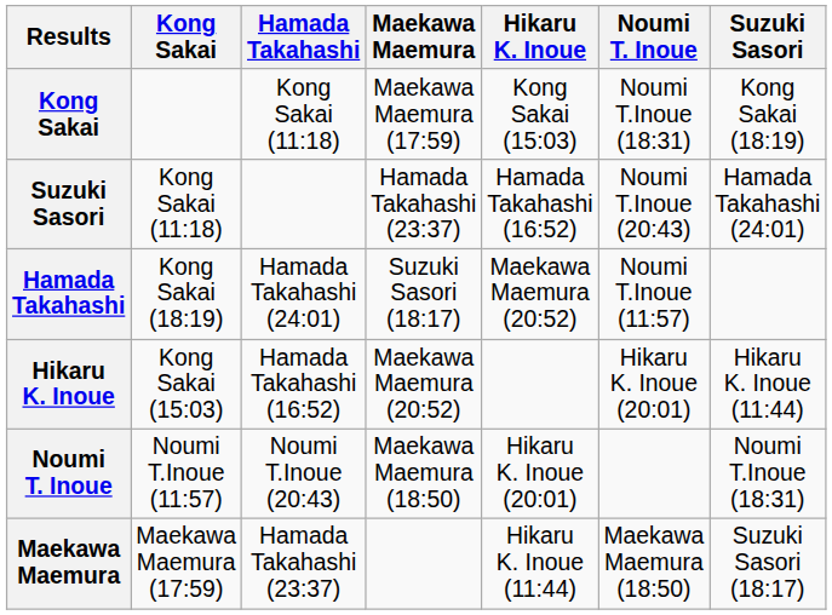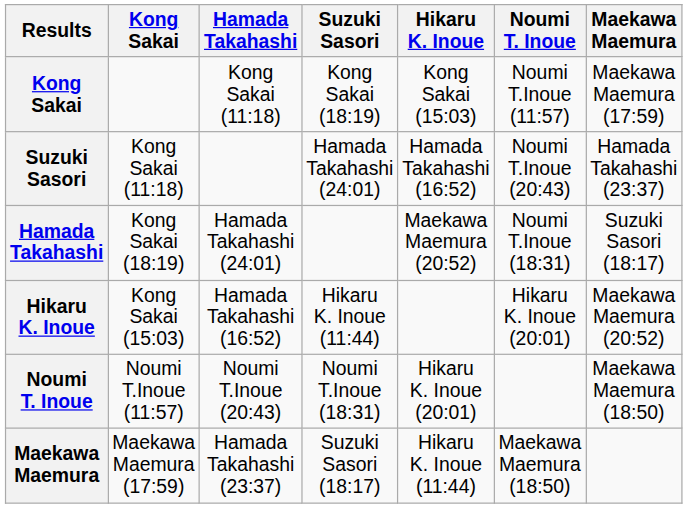 <table class="wikitable" style="text-align:center; margin: 1em auto 1em auto">
 <tr>
 <th>Results</th>
 <th><a href='#'>Kong</a><br>Sakai</th>
 <th><a href='#'>Hamada</a><br><a href='#'>Takahashi</a></th>
-<th>Maekawa<br>Maemura</th>
+<th>Suzuki<br>Sasori</th>
 <th>Hikaru<br><a href='#'>K. Inoue</a></th>
 <th>Noumi<br><a href='#'>T. Inoue</a></th>
-<th>Suzuki<br>Sasori</th>
+<th>Maekawa<br>Maemura</th>
 </tr>
 <tr>
 <th><a href='#'>Kong</a><br>Sakai</th>
 <td></td>
 <td>Kong<br>Sakai<br>(11:18)</td>
+<td>Kong<br>Sakai<br>(18:19)</td>
+<td>Kong<br>Sakai<br>(15:03)</td>
+<td>Noumi<br>T.Inoue<br>(11:57)</td>
 <td>Maekawa<br>Maemura<br>(17:59)</td>
-<td>Kong<br>Sakai<br>(15:03)</td>
-<td>Noumi<br>T.Inoue<br>(18:31)</td>
-<td>Kong<br>Sakai<br>(18:19)</td>
 </tr>
 <tr>
 <th>Suzuki<br>Sasori</th>
 <td>Kong<br>Sakai<br>(11:18)</td>
 <td></td>
-<td>Hamada<br>Takahashi<br>(23:37)</td>
+<td>Hamada<br>Takahashi<br>(24:01)</td>
 <td>Hamada<br>Takahashi<br>(16:52)</td>
 <td>Noumi<br>T.Inoue<br>(20:43)</td>
-<td>Hamada<br>Takahashi<br>(24:01)</td>
+<td>Hamada<br>Takahashi<br>(23:37)</td>
 </tr>
 <tr>
 <th><a href='#'>Hamada</a><br><a href='#'>Takahashi</a></th>
 <td>Kong<br>Sakai<br>(18:19)</td>
 <td>Hamada<br>Takahashi<br>(24:01)</td>
+<td></td>
+<td>Maekawa<br>Maemura<br>(20:52)</td>
+<td>Noumi<br>T.Inoue<br>(18:31)</td>
 <td>Suzuki<br>Sasori<br>(18:17)</td>
-<td>Maekawa<br>Maemura<br>(20:52)</td>
-<td>Noumi<br>T.Inoue<br>(11:57)</td>
-<td></td>
 </tr>
 <tr>
 <th>Hikaru<br><a href='#'>K. Inoue</a></th>
 <td>Kong<br>Sakai<br>(15:03)</td>
 <td>Hamada<br>Takahashi<br>(16:52)</td>
-<td>Maekawa<br>Maemura<br>(20:52)</td>
+<td>Hikaru<br>K. Inoue<br>(11:44)</td>
 <td></td>
 <td>Hikaru<br>K. Inoue<br>(20:01)</td>
-<td>Hikaru<br>K. Inoue<br>(11:44)</td>
+<td>Maekawa<br>Maemura<br>(20:52)</td>
 </tr>
 <tr>
 <th>Noumi<br><a href='#'>T. Inoue</a></th>
 <td>Noumi<br>T.Inoue<br>(11:57)</td>
 <td>Noumi<br>T.Inoue<br>(20:43)</td>
-<td>Maekawa<br>Maemura<br>(18:50)</td>
+<td>Noumi<br>T.Inoue<br>(18:31)</td>
 <td>Hikaru<br>K. Inoue<br>(20:01)</td>
 <td></td>
-<td>Noumi<br>T.Inoue<br>(18:31)</td>
+<td>Maekawa<br>Maemura<br>(18:50)</td>
 </tr>
 <tr>
 <th>Maekawa<br>Maemura</th>
 <td>Maekawa<br>Maemura<br>(17:59)</td>
 <td>Hamada<br>Takahashi<br>(23:37)</td>
-<td></td>
+<td>Suzuki<br>Sasori<br>(18:17)</td>
 <td>Hikaru<br>K. Inoue<br>(11:44)</td>
 <td>Maekawa<br>Maemura<br>(18:50)</td>
-<td>Suzuki<br>Sasori<br>(18:17)</td>
+<td></td>
 </tr>
 </table>
